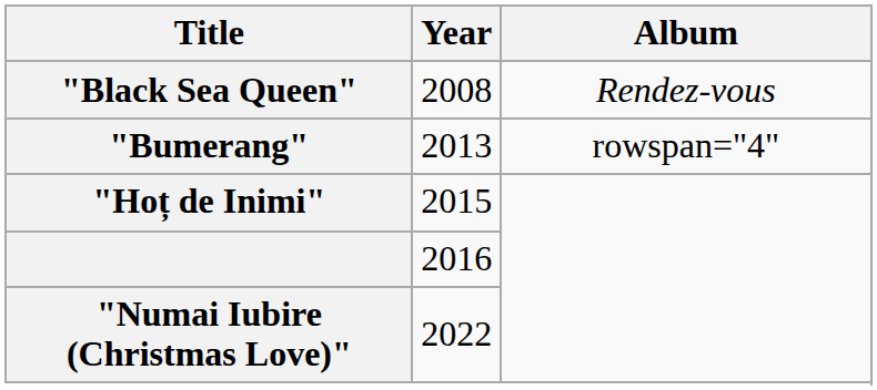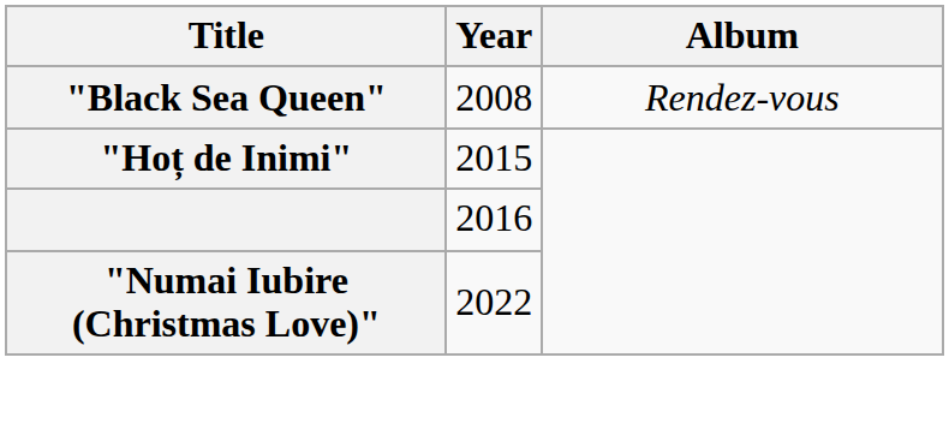 <table class="wikitable plainrowheaders" style="text-align:center;">
 <tr>
 <th scope="col" style="width:11em;">Title</th>
 <th scope="col">Year</th>
 <th scope="col" style="width:10em;">Album</th>
 </tr>
 <tr>
 <th scope="row">"Black Sea Queen"</th>
 <td>2008</td>
 <td><em>Rendez-vous</em></td>
-</tr>
-<tr>
-<th scope="row">"Bumerang"<br></th>
-<td>2013</td>
-<td>rowspan="4" </td>
 </tr>
 <tr>
 <th scope="row">"Hoț de Inimi"</th>
 <td>2015</td>
 </tr>
 <tr>
 <th scope="row"><br></th>
 <td>2016</td>
 </tr>
 <tr>
 <th scope="row">"Numai Iubire (Christmas Love)"</th>
 <td>2022</td>
 </tr>
 <tr>
 </tr>
 </table>
